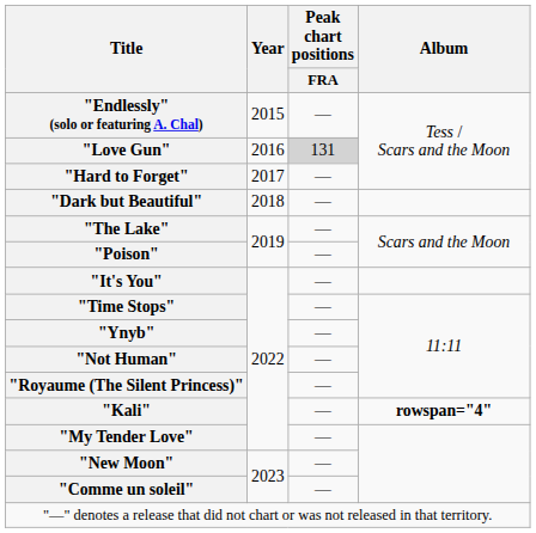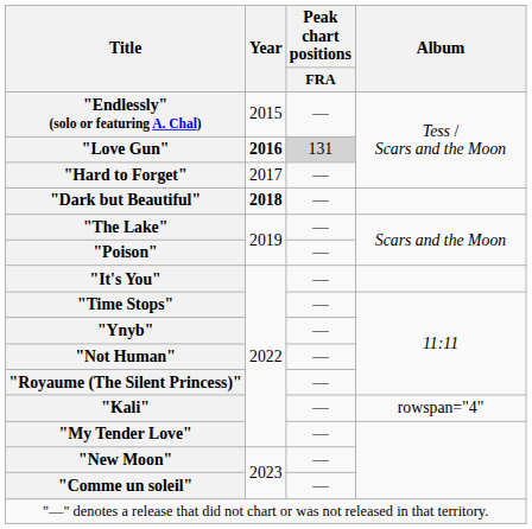 <table class="wikitable plainrowheaders" style="text-align:center;">
 <tr>
 <th rowspan="2" scope="col">Title</th>
 <th rowspan="2" scope="col">Year</th>
 <th colspan="1">Peak chart positions</th>
 <th rowspan="2" scope="col" style="width:10em;">Album</th>
 </tr>
 <tr>
 <th scope="col" style="width:2.5em;font-size:90%;">FRA<br></th>
 </tr>
 <tr>
 <th scope="row">"Endlessly"<br><small>(solo or featuring <a href='#'>A. Chal</a>)</small></th>
 <td>2015</td>
 <td>—</td>
 <td rowspan="3"><em>Tess</em> /<br><em>Scars and the Moon</em></td>
 </tr>
 <tr>
 <th scope="row">"Love Gun"</th>
-<td>2016</td>
+<td><strong>2016</strong></td>
 <td style="background: lightgrey;">131</td>
 </tr>
 <tr>
 <th scope="row">"Hard to Forget"</th>
 <td>2017</td>
 <td>—</td>
 </tr>
 <tr>
 <th scope="row">"Dark but Beautiful"</th>
-<td>2018</td>
+<td><strong>2018</strong></td>
 <td>—</td>
 <td></td>
 </tr>
 <tr>
 <th scope="row">"The Lake"</th>
 <td rowspan="2">2019</td>
 <td>—</td>
 <td rowspan="2"><em>Scars and the Moon</em></td>
 </tr>
 <tr>
 <th scope="row">"Poison"</th>
 <td>—</td>
 </tr>
 <tr>
 <th scope="row">"It's You"</th>
 <td rowspan="7">2022</td>
 <td>—</td>
 <td></td>
 </tr>
 <tr>
 <th scope="row">"Time Stops"</th>
 <td>—</td>
 <td rowspan="4"><em>11:11</em></td>
 </tr>
 <tr>
 <th scope="row">"Ynyb"</th>
 <td>—</td>
 </tr>
 <tr>
 <th scope="row">"Not Human"</th>
 <td>—</td>
 </tr>
 <tr>
 <th scope="row">"Royaume (The Silent Princess)"</th>
 <td>—</td>
 </tr>
 <tr>
 <th scope="row">"Kali"</th>
 <td>—</td>
-<td><strong>rowspan="4" </strong></td>
+<td>rowspan="4" </td>
 </tr>
 <tr>
 <th scope="row">"My Tender Love"</th>
 <td>—</td>
 </tr>
 <tr>
 <th scope="row">"New Moon"</th>
 <td rowspan="2">2023</td>
 <td>—</td>
 </tr>
 <tr>
 <th scope="row">"Comme un soleil"</th>
 <td>—</td>
 </tr>
 <tr>
 <td colspan="4" style="font-size:90%">"—" denotes a release that did not chart or was not released in that territory.</td>
 </tr>
 </table>
